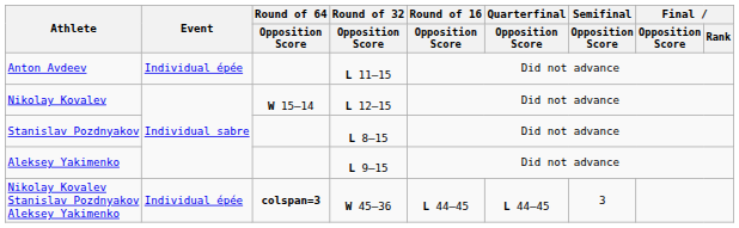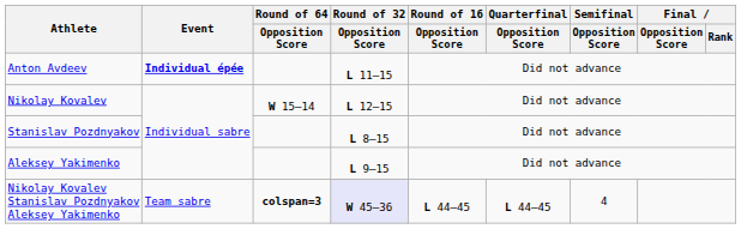 <table class="wikitable" style="font-size:90%">
 <tr>
 <th rowspan="2">Athlete</th>
 <th rowspan="2">Event</th>
 <th>Round of 64</th>
 <th>Round of 32</th>
 <th>Round of 16</th>
 <th>Quarterfinal</th>
 <th>Semifinal</th>
 <th colspan=2>Final / </th>
 </tr>
 <tr style="font-size:95%">
 <th>Opposition <br> Score</th>
 <th>Opposition <br> Score</th>
 <th>Opposition <br> Score</th>
 <th>Opposition <br> Score</th>
 <th>Opposition <br> Score</th>
 <th>Opposition <br> Score</th>
 <th>Rank</th>
 </tr>
 <tr align=center>
 <td align=left><a href='#'>Anton Avdeev</a></td>
-<td align=left><a href='#'>Individual épée</a></td>
+<td align=left><strong><a href='#'>Individual épée</a></strong></td>
 <td></td>
 <td><br><strong>L</strong> 11–15</td>
 <td colspan=5>Did not advance</td>
 </tr>
 <tr align=center>
 <td align=left><a href='#'>Nikolay Kovalev</a></td>
 <td align=left rowspan=3><a href='#'>Individual sabre</a></td>
 <td><br><strong>W</strong> 15–14</td>
 <td><br><strong>L</strong> 12–15</td>
 <td colspan=5>Did not advance</td>
 </tr>
 <tr align=center>
 <td align=left><a href='#'>Stanislav Pozdnyakov</a></td>
 <td></td>
 <td><br><strong>L</strong> 8–15</td>
 <td colspan=5>Did not advance</td>
 </tr>
 <tr align=center>
 <td align=left><a href='#'>Aleksey Yakimenko</a></td>
 <td></td>
 <td><br><strong>L</strong> 9–15</td>
 <td colspan=5>Did not advance</td>
 </tr>
 <tr align=center>
 <td align=left><a href='#'>Nikolay Kovalev</a><br><a href='#'>Stanislav Pozdnyakov</a><br><a href='#'>Aleksey Yakimenko</a></td>
-<td align=left><a href='#'>Individual épée</a></td>
+<td align=left><a href='#'>Team sabre</a></td>
 <td><strong>colspan=3 </strong></td>
-<td><br><strong>W</strong> 45–36</td>
+<td style="background: lavender;"><br><strong>W</strong> 45–36</td>
 <td><br><strong>L</strong> 44–45</td>
 <td><br><strong>L</strong> 44–45</td>
-<td>3</td>
+<td>4</td>
 </tr>
 </table>
